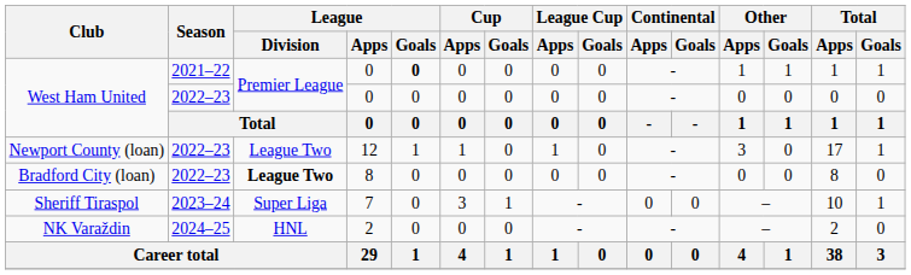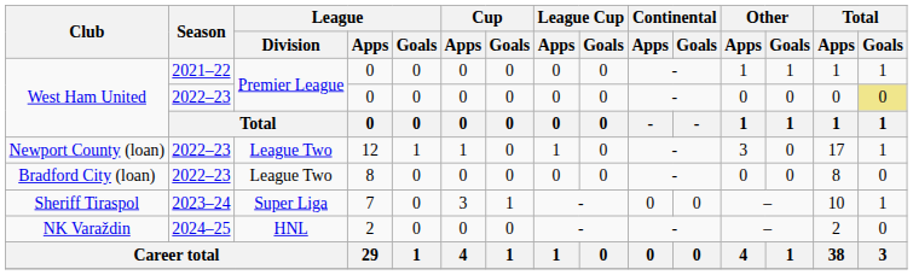 <table class="wikitable" style="text-align:center">
 <tr>
 <th rowspan="2">Club</th>
 <th rowspan="2">Season</th>
 <th colspan="3">League</th>
 <th colspan="2">Cup</th>
 <th colspan="2">League Cup</th>
 <th colspan="2">Continental</th>
 <th colspan="2">Other</th>
 <th colspan="2">Total</th>
 </tr>
 <tr>
 <th>Division</th>
 <th>Apps</th>
 <th>Goals</th>
 <th>Apps</th>
 <th>Goals</th>
 <th>Apps</th>
 <th>Goals</th>
 <th>Apps</th>
 <th>Goals</th>
 <th>Apps</th>
 <th>Goals</th>
 <th>Apps</th>
 <th>Goals</th>
 </tr>
 <tr>
 <td rowspan="3"><a href='#'>West Ham United</a></td>
 <td><a href='#'>2021–22</a></td>
 <td rowspan="2"><a href='#'>Premier League</a></td>
 <td>0</td>
-<td><strong>0</strong></td>
+<td>0</td>
 <td>0</td>
 <td>0</td>
 <td>0</td>
 <td>0</td>
 <td colspan="2">-</td>
 <td>1</td>
 <td>1</td>
 <td>1</td>
 <td>1</td>
 </tr>
 <tr>
 <td><a href='#'>2022–23</a></td>
 <td>0</td>
 <td>0</td>
 <td>0</td>
 <td>0</td>
 <td>0</td>
 <td>0</td>
 <td colspan="2">-</td>
 <td>0</td>
 <td>0</td>
 <td>0</td>
-<td>0</td>
+<td style="background: khaki;">0</td>
 </tr>
 <tr>
 <th colspan="2">Total</th>
 <th>0</th>
 <th>0</th>
 <th>0</th>
 <th>0</th>
 <th>0</th>
 <th>0</th>
 <th>-</th>
 <th>-</th>
 <th>1</th>
 <th>1</th>
 <th>1</th>
 <th>1</th>
 </tr>
 <tr>
 <td><a href='#'>Newport County</a> (loan)</td>
 <td><a href='#'>2022–23</a></td>
 <td><a href='#'>League Two</a></td>
 <td>12</td>
 <td>1</td>
 <td>1</td>
 <td>0</td>
 <td>1</td>
 <td>0</td>
 <td colspan="2">-</td>
 <td>3</td>
 <td>0</td>
 <td>17</td>
 <td>1</td>
 </tr>
 <tr>
 <td><a href='#'>Bradford City</a> (loan)</td>
 <td><a href='#'>2022–23</a></td>
-<td><strong>League Two</strong></td>
+<td>League Two</td>
 <td>8</td>
 <td>0</td>
 <td>0</td>
 <td>0</td>
 <td>0</td>
 <td>0</td>
 <td colspan="2">-</td>
 <td>0</td>
 <td>0</td>
 <td>8</td>
 <td>0</td>
 </tr>
 <tr>
 <td><a href='#'>Sheriff Tiraspol</a></td>
 <td><a href='#'>2023–24</a></td>
 <td><a href='#'>Super Liga</a></td>
 <td>7</td>
 <td>0</td>
 <td>3</td>
 <td>1</td>
 <td colspan="2">-</td>
 <td>0</td>
 <td>0</td>
 <td colspan=2>–</td>
 <td>10</td>
 <td>1</td>
 </tr>
 <tr>
 <td><a href='#'>NK Varaždin</a></td>
 <td><a href='#'>2024–25</a></td>
 <td><a href='#'>HNL</a></td>
 <td>2</td>
 <td>0</td>
 <td>0</td>
 <td>0</td>
 <td colspan="2">-</td>
 <td colspan="2">-</td>
 <td colspan=2>–</td>
 <td>2</td>
 <td>0</td>
 </tr>
 <tr>
 <th colspan="3">Career total</th>
 <th>29</th>
 <th>1</th>
 <th>4</th>
 <th>1</th>
 <th>1</th>
 <th>0</th>
 <th>0</th>
 <th>0</th>
 <th>4</th>
 <th>1</th>
 <th>38</th>
 <th>3</th>
 </tr>
 <tr>
 </tr>
 </table>
